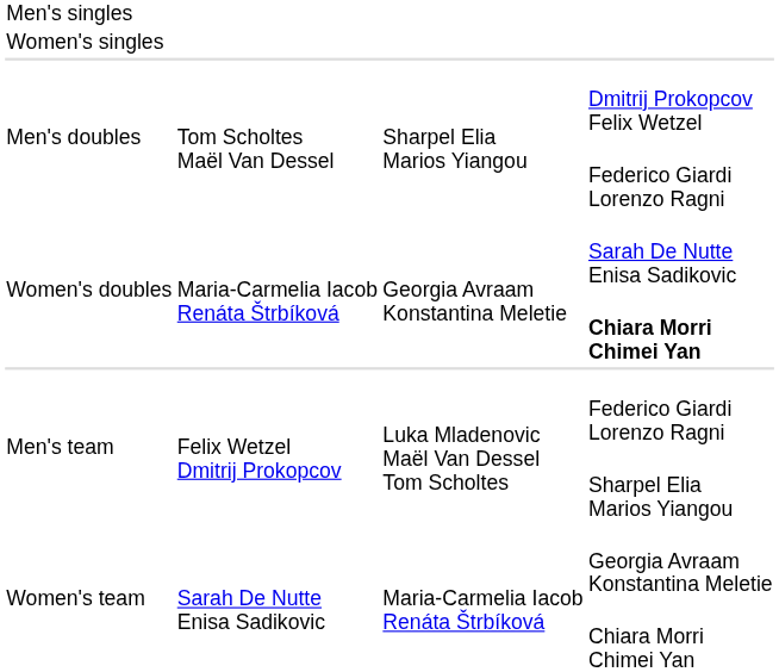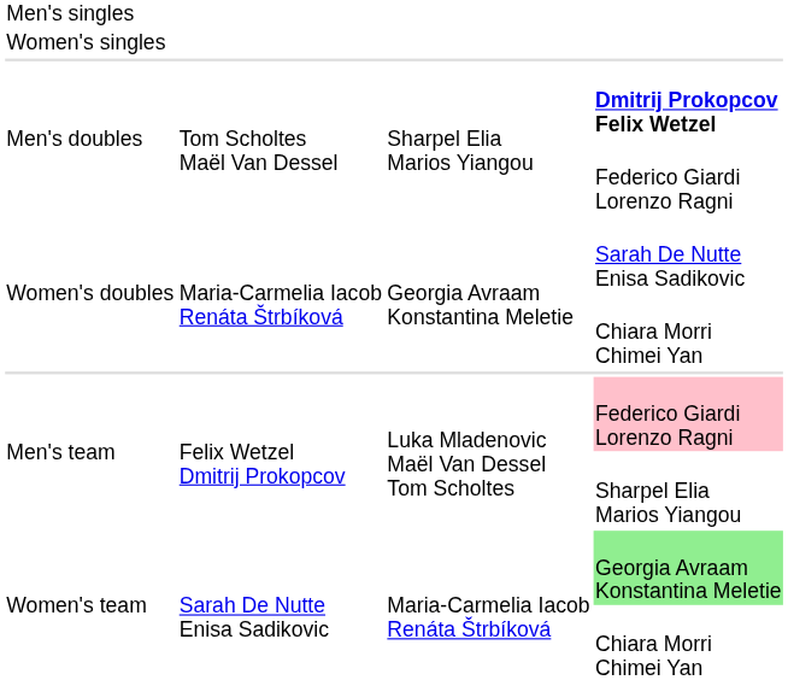 <table>
 <tr>
 <td rowspan=2>Men's singles</td>
 <td rowspan=2></td>
 <td rowspan=2></td>
 <td></td>
 </tr>
 <tr>
 <td></td>
 </tr>
 <tr>
 <td rowspan=2>Women's singles</td>
 <td rowspan=2></td>
 <td rowspan=2></td>
 <td></td>
 </tr>
 <tr>
 <td></td>
 </tr>
 <tr bgcolor=#dddddd>
 <td colspan=4></td>
 </tr>
 <tr>
 <td rowspan=2>Men's doubles</td>
 <td rowspan=2><br>Tom Scholtes<br>Maël Van Dessel</td>
 <td rowspan=2><br>Sharpel Elia<br>Marios Yiangou</td>
-<td><br><a href='#'>Dmitrij Prokopcov</a><br>Felix Wetzel</td>
+<td><strong><br><a href='#'>Dmitrij Prokopcov</a><br>Felix Wetzel</strong></td>
 </tr>
 <tr>
 <td><br>Federico Giardi<br>Lorenzo Ragni</td>
 </tr>
 <tr>
 <td rowspan=2>Women's doubles</td>
 <td rowspan=2 nowrap><br>Maria-Carmelia Iacob<br><a href='#'>Renáta Štrbíková</a></td>
 <td rowspan=2><br>Georgia Avraam<br>Konstantina Meletie</td>
 <td><br><a href='#'>Sarah De Nutte</a><br>Enisa Sadikovic</td>
 </tr>
 <tr>
-<td><strong><br>Chiara Morri<br>Chimei Yan</strong></td>
+<td><br>Chiara Morri<br>Chimei Yan</td>
 </tr>
 <tr bgcolor=#dddddd>
 <td colspan=4></td>
 </tr>
 <tr>
 <td rowspan=2>Men's team</td>
 <td rowspan=2><br>Felix Wetzel<br><a href='#'>Dmitrij Prokopcov</a></td>
 <td rowspan=2><br>Luka Mladenovic<br>Maël Van Dessel<br>Tom Scholtes</td>
-<td><br>Federico Giardi<br>Lorenzo Ragni</td>
+<td style="background: pink;"><br>Federico Giardi<br>Lorenzo Ragni</td>
 </tr>
 <tr>
 <td><br>Sharpel Elia<br>Marios Yiangou</td>
 </tr>
 <tr>
 <td rowspan=2>Women's team</td>
 <td rowspan=2><br><a href='#'>Sarah De Nutte</a><br>Enisa Sadikovic</td>
 <td rowspan=2 nowrap><br>Maria-Carmelia Iacob<br><a href='#'>Renáta Štrbíková</a></td>
-<td nowrap><br>Georgia Avraam<br>Konstantina Meletie</td>
+<td nowrap style="background: lightgreen;"><br>Georgia Avraam<br>Konstantina Meletie</td>
 </tr>
 <tr>
 <td><br>Chiara Morri<br>Chimei Yan</td>
 </tr>
 </table>
